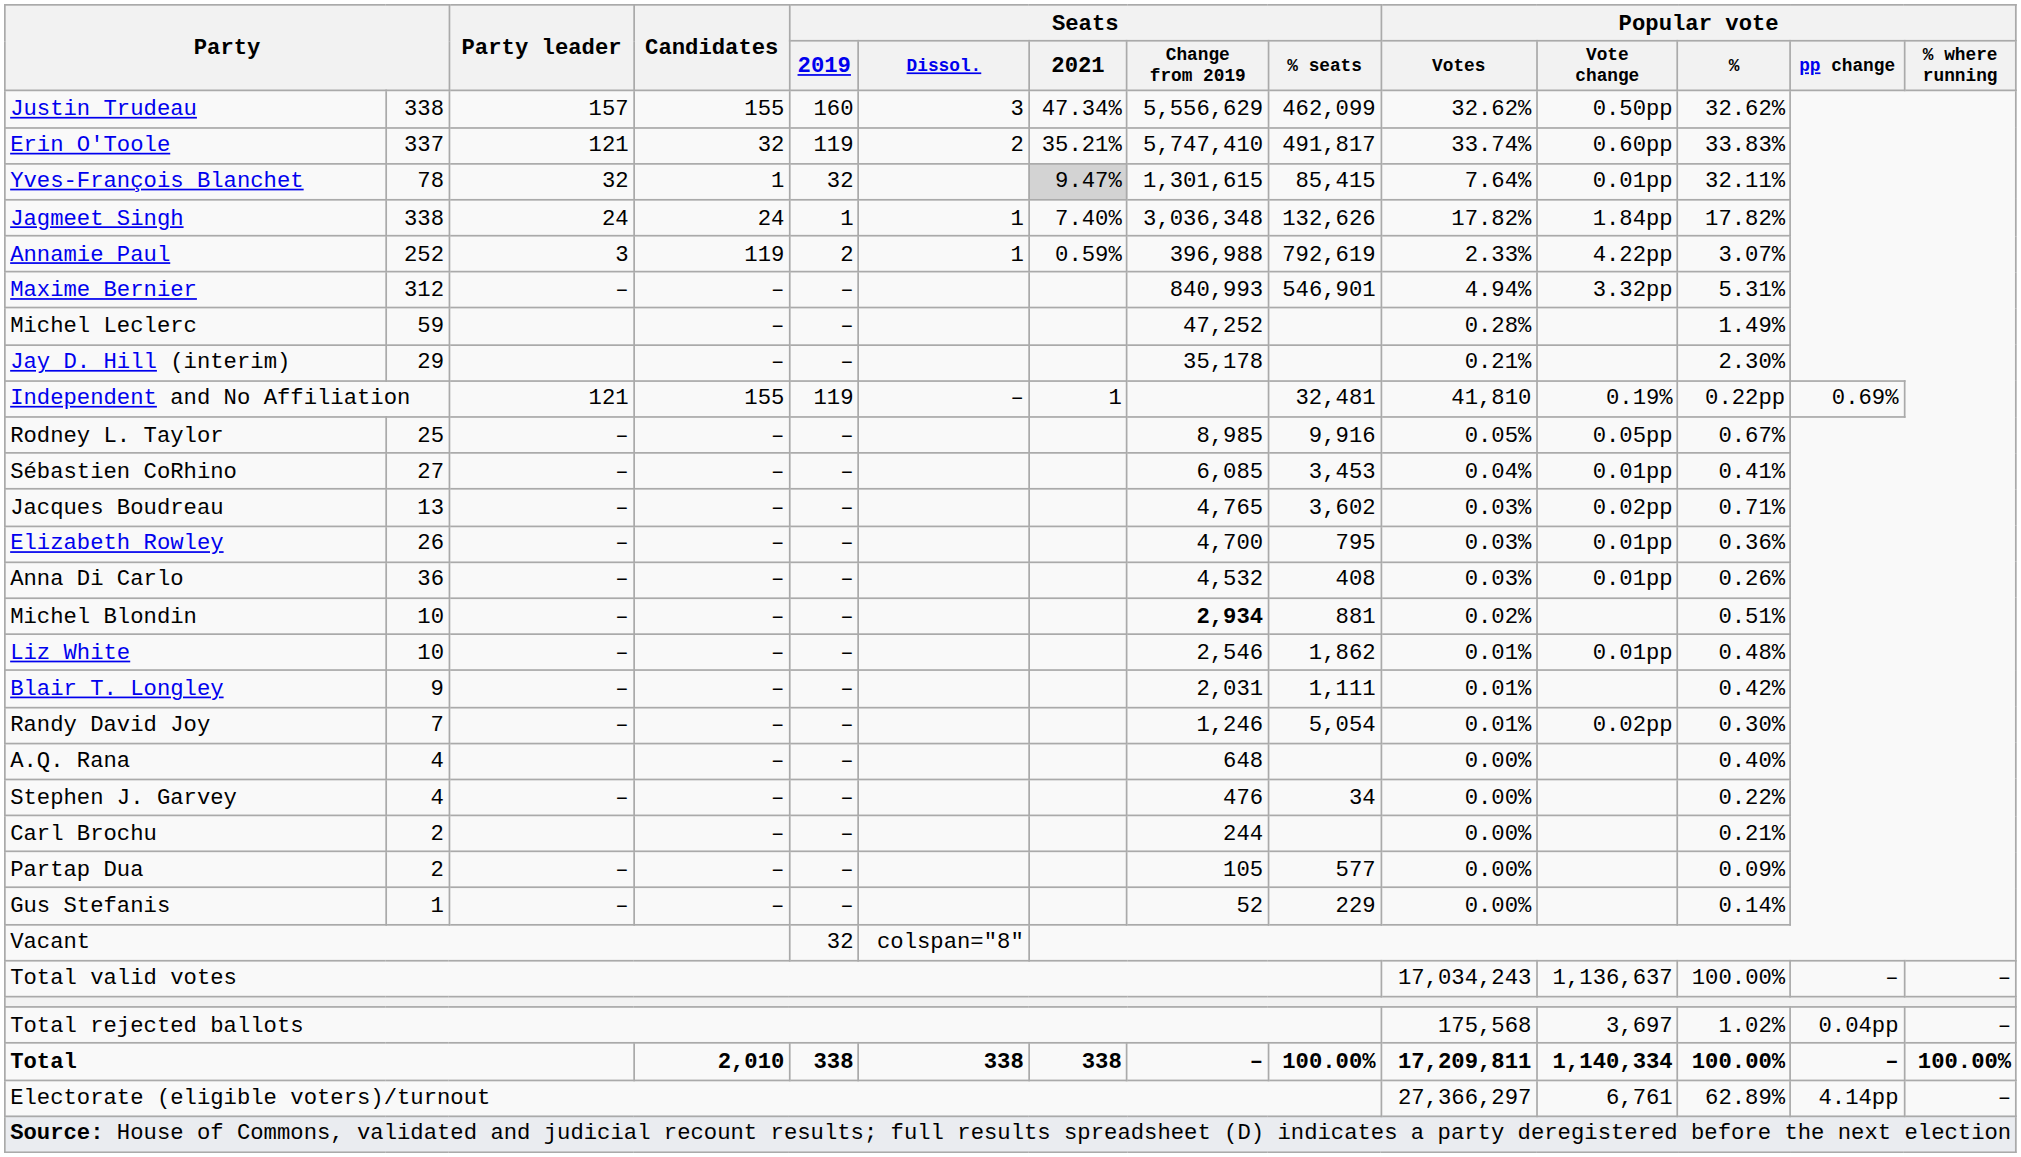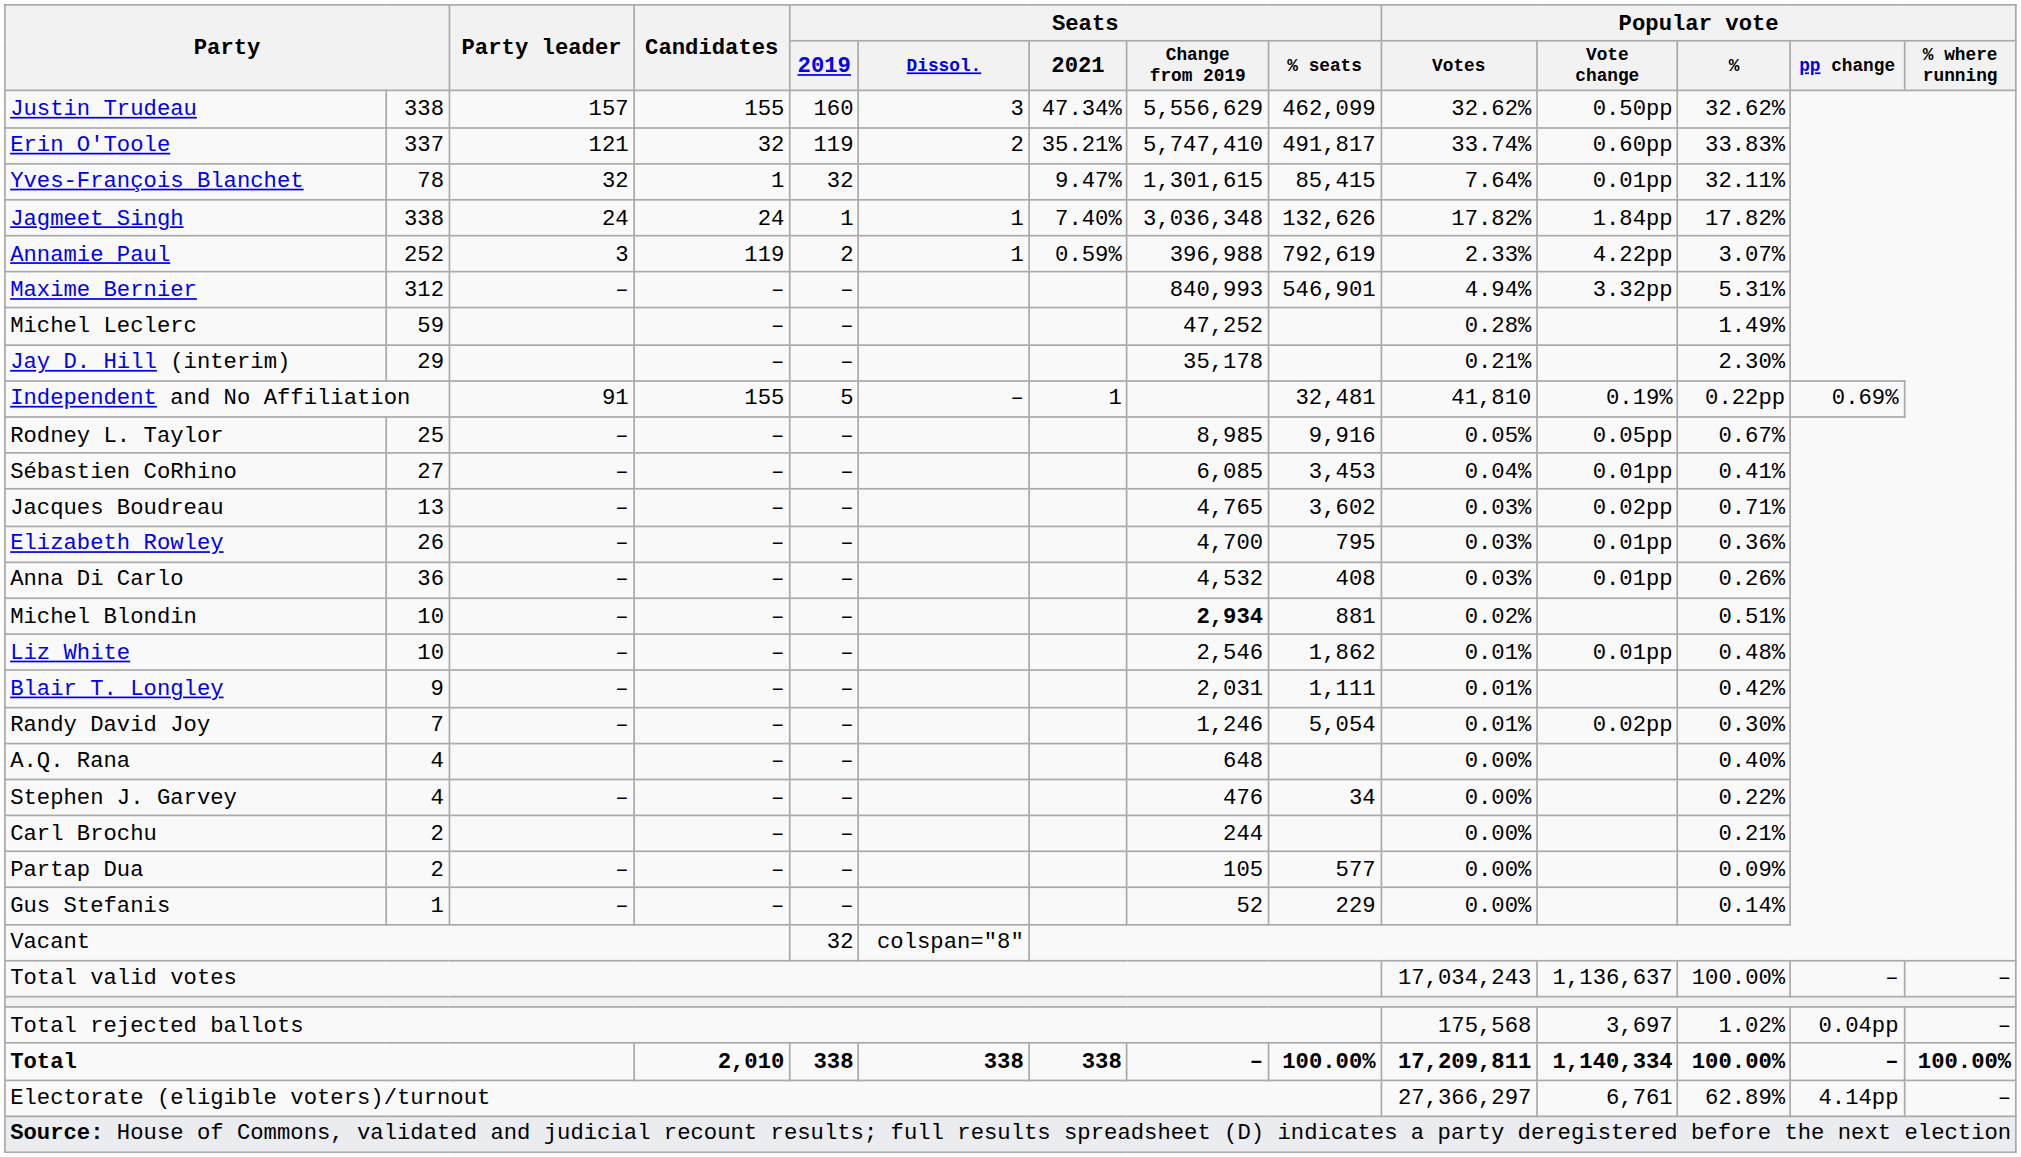 <table class="wikitable mw-datatable" style="text-align:right;">
 <tr>
 <th rowspan="2" colspan="2">Party</th>
 <th rowspan="2">Party leader</th>
 <th rowspan="2">Candidates</th>
 <th colspan="5">Seats</th>
 <th colspan="5">Popular vote</th>
 </tr>
 <tr>
 <th><a href='#'>2019</a></th>
 <th style="font-size:80%"><a href='#'>Dissol.</a></th>
 <th>2021</th>
 <th style="font-size:80%">Change <br> from 2019</th>
 <th style="font-size:80%">% seats</th>
 <th style="font-size:80%">Votes</th>
 <th style="font-size:80%">Vote<br>change</th>
 <th style="font-size:80%">%</th>
 <th style="font-size:80%"><a href='#'>pp</a> change</th>
 <th style="font-size:80%">% where<br>running</th>
 </tr>
 <tr>
 <td style="text-align:left"><a href='#'>Justin Trudeau</a></td>
 <td>338</td>
 <td>157</td>
 <td>155</td>
 <td>160</td>
 <td> 3</td>
 <td>47.34%</td>
 <td>5,556,629</td>
 <td> 462,099</td>
 <td>32.62%</td>
 <td> 0.50pp</td>
 <td>32.62%</td>
 </tr>
 <tr>
 <td style="text-align:left"><a href='#'>Erin O'Toole</a></td>
 <td>337</td>
 <td>121</td>
 <td>32</td>
 <td>119</td>
 <td> 2</td>
 <td>35.21%</td>
 <td>5,747,410</td>
 <td> 491,817</td>
 <td>33.74%</td>
 <td> 0.60pp</td>
 <td>33.83%</td>
 </tr>
 <tr>
 <td style="text-align:left"><a href='#'>Yves-François Blanchet</a></td>
 <td>78</td>
 <td>32</td>
 <td>1</td>
 <td>32</td>
 <td></td>
-<td style="background: lightgrey;">9.47%</td>
+<td>9.47%</td>
 <td>1,301,615</td>
 <td> 85,415</td>
 <td>7.64%</td>
 <td> 0.01pp</td>
 <td>32.11%</td>
 </tr>
 <tr>
 <td style="text-align:left"><a href='#'>Jagmeet Singh</a></td>
 <td>338</td>
 <td>24</td>
 <td>24</td>
 <td>1</td>
 <td> 1</td>
 <td>7.40%</td>
 <td>3,036,348</td>
 <td> 132,626</td>
 <td>17.82%</td>
 <td> 1.84pp</td>
 <td>17.82%</td>
 </tr>
 <tr>
 <td style="text-align:left"><a href='#'>Annamie Paul</a></td>
 <td>252</td>
 <td>3</td>
 <td>119</td>
 <td>2</td>
 <td> 1</td>
 <td>0.59%</td>
 <td>396,988</td>
 <td> 792,619</td>
 <td>2.33%</td>
 <td> 4.22pp</td>
 <td>3.07%</td>
 </tr>
 <tr>
 <td style="text-align:left"><a href='#'>Maxime Bernier</a></td>
 <td>312</td>
 <td>–</td>
 <td>–</td>
 <td>–</td>
 <td></td>
 <td></td>
 <td>840,993</td>
 <td> 546,901</td>
 <td>4.94%</td>
 <td> 3.32pp</td>
 <td>5.31%</td>
 </tr>
 <tr>
 <td style="text-align:left">Michel Leclerc</td>
 <td>59</td>
 <td></td>
 <td>–</td>
 <td>–</td>
 <td></td>
 <td></td>
 <td>47,252</td>
 <td></td>
 <td>0.28%</td>
 <td></td>
 <td>1.49%</td>
 </tr>
 <tr>
 <td style="text-align:left"><a href='#'>Jay D. Hill</a> (interim)</td>
 <td>29</td>
 <td></td>
 <td>–</td>
 <td>–</td>
 <td></td>
 <td></td>
 <td>35,178</td>
 <td></td>
 <td>0.21%</td>
 <td></td>
 <td>2.30%</td>
 </tr>
 <tr>
 <td style="text-align:left" colspan="2"><a href='#'>Independent</a> and No Affiliation </td>
-<td>121</td>
+<td>91</td>
 <td>155</td>
-<td>119</td>
+<td>5</td>
 <td>–</td>
 <td> 1</td>
 <td></td>
 <td>32,481</td>
 <td> 41,810</td>
 <td>0.19%</td>
 <td> 0.22pp</td>
 <td>0.69%</td>
 </tr>
 <tr>
 <td style="text-align:left">Rodney L. Taylor</td>
 <td>25</td>
 <td>–</td>
 <td>–</td>
 <td>–</td>
 <td></td>
 <td></td>
 <td>8,985</td>
 <td> 9,916</td>
 <td>0.05%</td>
 <td> 0.05pp</td>
 <td>0.67%</td>
 </tr>
 <tr>
 <td style="text-align:left">Sébastien CoRhino</td>
 <td>27</td>
 <td>–</td>
 <td>–</td>
 <td>–</td>
 <td></td>
 <td></td>
 <td>6,085</td>
 <td> 3,453</td>
 <td>0.04%</td>
 <td> 0.01pp</td>
 <td>0.41%</td>
 </tr>
 <tr>
 <td style="text-align:left">Jacques Boudreau</td>
 <td>13</td>
 <td>–</td>
 <td>–</td>
 <td>–</td>
 <td></td>
 <td></td>
 <td>4,765</td>
 <td> 3,602</td>
 <td>0.03%</td>
 <td> 0.02pp</td>
 <td>0.71%</td>
 </tr>
 <tr>
 <td style="text-align:left"><a href='#'>Elizabeth Rowley</a></td>
 <td>26</td>
 <td>–</td>
 <td>–</td>
 <td>–</td>
 <td></td>
 <td></td>
 <td>4,700</td>
 <td> 795</td>
 <td>0.03%</td>
 <td> 0.01pp</td>
 <td>0.36%</td>
 </tr>
 <tr>
 <td style="text-align:left">Anna Di Carlo</td>
 <td>36</td>
 <td>–</td>
 <td>–</td>
 <td>–</td>
 <td></td>
 <td></td>
 <td>4,532</td>
 <td> 408</td>
 <td>0.03%</td>
 <td> 0.01pp</td>
 <td>0.26%</td>
 </tr>
 <tr>
 <td style="text-align:left">Michel Blondin</td>
 <td>10</td>
 <td>–</td>
 <td>–</td>
 <td>–</td>
 <td></td>
 <td></td>
 <td><strong>2,934</strong></td>
 <td> 881</td>
 <td>0.02%</td>
 <td></td>
 <td>0.51%</td>
 </tr>
 <tr>
 <td style="text-align:left"><a href='#'>Liz White</a></td>
 <td>10</td>
 <td>–</td>
 <td>–</td>
 <td>–</td>
 <td></td>
 <td></td>
 <td>2,546</td>
 <td> 1,862</td>
 <td>0.01%</td>
 <td> 0.01pp</td>
 <td>0.48%</td>
 </tr>
 <tr>
 <td style="text-align:left"><a href='#'>Blair T. Longley</a></td>
 <td>9</td>
 <td>–</td>
 <td>–</td>
 <td>–</td>
 <td></td>
 <td></td>
 <td>2,031</td>
 <td> 1,111</td>
 <td>0.01%</td>
 <td></td>
 <td>0.42%</td>
 </tr>
 <tr>
 <td style="text-align:left">Randy David Joy</td>
 <td>7</td>
 <td>–</td>
 <td>–</td>
 <td>–</td>
 <td></td>
 <td></td>
 <td>1,246</td>
 <td> 5,054</td>
 <td>0.01%</td>
 <td> 0.02pp</td>
 <td>0.30%</td>
 </tr>
 <tr>
 <td style="text-align:left">A.Q. Rana</td>
 <td>4</td>
 <td></td>
 <td>–</td>
 <td>–</td>
 <td></td>
 <td></td>
 <td>648</td>
 <td></td>
 <td>0.00%</td>
 <td></td>
 <td>0.40%</td>
 </tr>
 <tr>
 <td style="text-align:left">Stephen J. Garvey</td>
 <td>4</td>
 <td>–</td>
 <td>–</td>
 <td>–</td>
 <td></td>
 <td></td>
 <td>476</td>
 <td> 34</td>
 <td>0.00%</td>
 <td></td>
 <td>0.22%</td>
 </tr>
 <tr>
 <td style="text-align:left">Carl Brochu</td>
 <td>2</td>
 <td></td>
 <td>–</td>
 <td>–</td>
 <td></td>
 <td></td>
 <td>244</td>
 <td></td>
 <td>0.00%</td>
 <td></td>
 <td>0.21%</td>
 </tr>
 <tr>
 <td style="text-align:left">Partap Dua</td>
 <td>2</td>
 <td>–</td>
 <td>–</td>
 <td>–</td>
 <td></td>
 <td></td>
 <td>105</td>
 <td> 577</td>
 <td>0.00%</td>
 <td></td>
 <td>0.09%</td>
 </tr>
 <tr>
 <td style="text-align:left">Gus Stefanis</td>
 <td>1</td>
 <td>–</td>
 <td>–</td>
 <td>–</td>
 <td></td>
 <td></td>
 <td>52</td>
 <td> 229</td>
 <td>0.00%</td>
 <td></td>
 <td>0.14%</td>
 </tr>
 <tr>
 <td style="text-align:left" colspan="4">Vacant</td>
 <td>32</td>
 <td>colspan="8" </td>
 </tr>
 <tr>
 <td style="text-align:left" colspan="9">Total valid votes</td>
 <td>17,034,243</td>
 <td> 1,136,637</td>
 <td>100.00%</td>
 <td>–</td>
 <td>–</td>
 </tr>
 <tr>
 <th colspan="14"></th>
 </tr>
 <tr>
 <td style="text-align:left" colspan="9">Total rejected ballots</td>
 <td>175,568</td>
 <td> 3,697</td>
 <td>1.02%</td>
 <td> 0.04pp</td>
 <td>–</td>
 </tr>
 <tr>
 <td style="text-align:left" colspan="3"><strong>Total</strong></td>
 <td><strong>2,010</strong></td>
 <td><strong>338</strong></td>
 <td><strong>338</strong></td>
 <td><strong>338</strong></td>
 <td><strong>–</strong></td>
 <td><strong>100.00%</strong></td>
 <td><strong>17,209,811</strong></td>
 <td> <strong>1,140,334</strong></td>
 <td><strong>100.00%</strong></td>
 <td><strong>–</strong></td>
 <td><strong>100.00%</strong></td>
 </tr>
 <tr>
 <td style="text-align:left" colspan="9">Electorate (eligible voters)/turnout</td>
 <td>27,366,297</td>
 <td> 6,761</td>
 <td>62.89%</td>
 <td> 4.14pp</td>
 <td>–</td>
 </tr>
 <tr>
 <td style="text-align:left; background-color:#EAECF0" colspan="14"><strong>Source:</strong> House of Commons, validated and judicial recount results; full results spreadsheet (D) indicates a party deregistered before the next election</td>
 </tr>
 </table>
